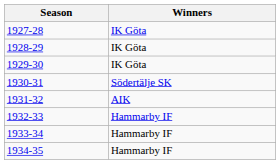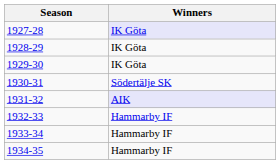 <table class="wikitable sortable" style="width:400px;">
 <tr>
 <th>Season</th>
 <th>Winners</th>
 </tr>
 <tr>
 <td><a href='#'>1927-28</a></td>
-<td><a href='#'>IK Göta</a></td>
+<td style="background: lavender;"><a href='#'>IK Göta</a></td>
 </tr>
 <tr>
 <td><a href='#'>1928-29</a></td>
 <td>IK Göta</td>
 </tr>
 <tr>
 <td><a href='#'>1929-30</a></td>
 <td>IK Göta</td>
 </tr>
 <tr>
 <td><a href='#'>1930-31</a></td>
 <td><a href='#'>Södertälje SK</a></td>
 </tr>
 <tr>
 <td><a href='#'>1931-32</a></td>
-<td><a href='#'>AIK</a></td>
+<td style="background: lavender;"><a href='#'>AIK</a></td>
 </tr>
 <tr>
 <td><a href='#'>1932-33</a></td>
 <td><a href='#'>Hammarby IF</a></td>
 </tr>
 <tr>
 <td><a href='#'>1933-34</a></td>
 <td>Hammarby IF</td>
 </tr>
 <tr>
 <td><a href='#'>1934-35</a></td>
 <td>Hammarby IF</td>
 </tr>
 </table>
